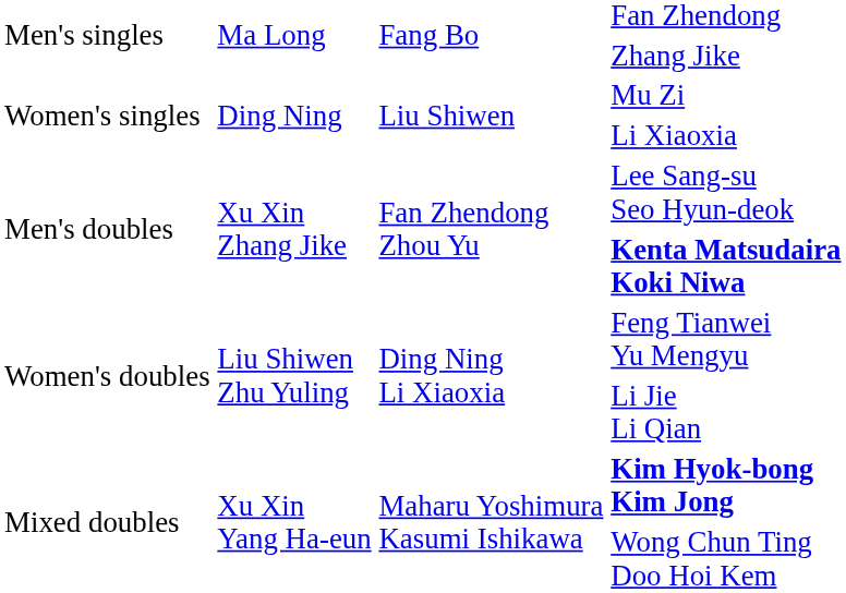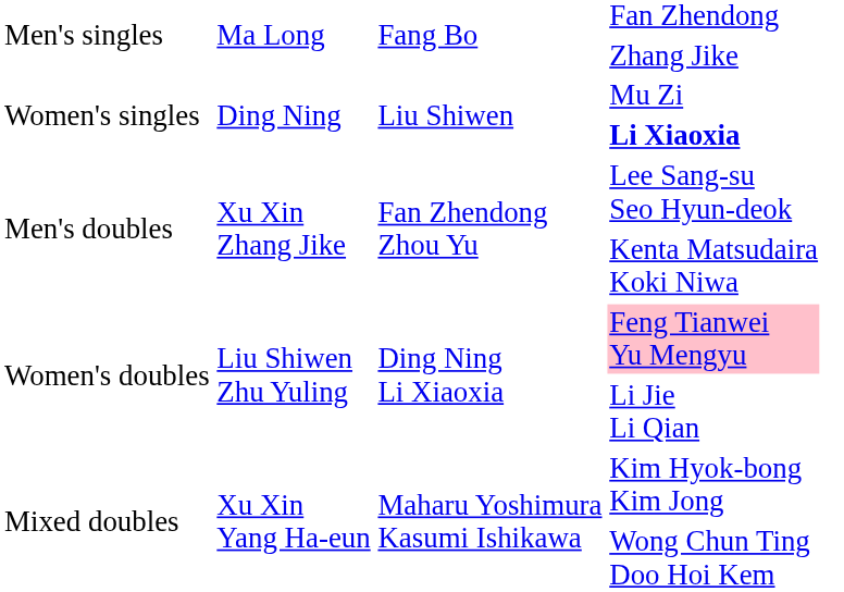 <table>
 <tr>
 <td rowspan=2>Men's singles <br></td>
 <td rowspan=2> <a href='#'>Ma Long</a></td>
 <td rowspan=2> <a href='#'>Fang Bo</a></td>
 <td> <a href='#'>Fan Zhendong</a></td>
 </tr>
 <tr>
 <td> <a href='#'>Zhang Jike</a></td>
 </tr>
 <tr>
 <td rowspan=2>Women's singles <br></td>
 <td rowspan=2> <a href='#'>Ding Ning</a></td>
 <td rowspan=2> <a href='#'>Liu Shiwen</a></td>
 <td> <a href='#'>Mu Zi</a></td>
 </tr>
 <tr>
-<td> <a href='#'>Li Xiaoxia</a></td>
+<td><strong> <a href='#'>Li Xiaoxia</a></strong></td>
 </tr>
 <tr>
 <td rowspan=2>Men's doubles <br></td>
 <td rowspan=2> <a href='#'>Xu Xin</a> <br> <a href='#'>Zhang Jike</a></td>
 <td rowspan=2> <a href='#'>Fan Zhendong</a> <br> <a href='#'>Zhou Yu</a></td>
 <td> <a href='#'>Lee Sang-su</a> <br> <a href='#'>Seo Hyun-deok</a></td>
 </tr>
 <tr>
-<td><strong> <a href='#'>Kenta Matsudaira</a><br> <a href='#'>Koki Niwa</a></strong></td>
+<td> <a href='#'>Kenta Matsudaira</a><br> <a href='#'>Koki Niwa</a></td>
 </tr>
 <tr>
 <td rowspan=2>Women's doubles <br></td>
 <td rowspan=2> <a href='#'>Liu Shiwen</a><br> <a href='#'>Zhu Yuling</a></td>
 <td rowspan=2> <a href='#'>Ding Ning</a><br> <a href='#'>Li Xiaoxia</a></td>
-<td> <a href='#'>Feng Tianwei</a> <br> <a href='#'>Yu Mengyu</a></td>
+<td style="background: pink;"> <a href='#'>Feng Tianwei</a> <br> <a href='#'>Yu Mengyu</a></td>
 </tr>
 <tr>
 <td> <a href='#'>Li Jie</a> <br> <a href='#'>Li Qian</a></td>
 </tr>
 <tr>
 <td rowspan=2>Mixed doubles <br></td>
 <td rowspan=2> <a href='#'>Xu Xin</a><br> <a href='#'>Yang Ha-eun</a></td>
 <td rowspan=2> <a href='#'>Maharu Yoshimura</a><br> <a href='#'>Kasumi Ishikawa</a></td>
-<td><strong> <a href='#'>Kim Hyok-bong</a> <br> <a href='#'>Kim Jong</a></strong></td>
+<td> <a href='#'>Kim Hyok-bong</a> <br> <a href='#'>Kim Jong</a></td>
 </tr>
 <tr>
 <td> <a href='#'>Wong Chun Ting</a><br> <a href='#'>Doo Hoi Kem</a></td>
 </tr>
 </table>
